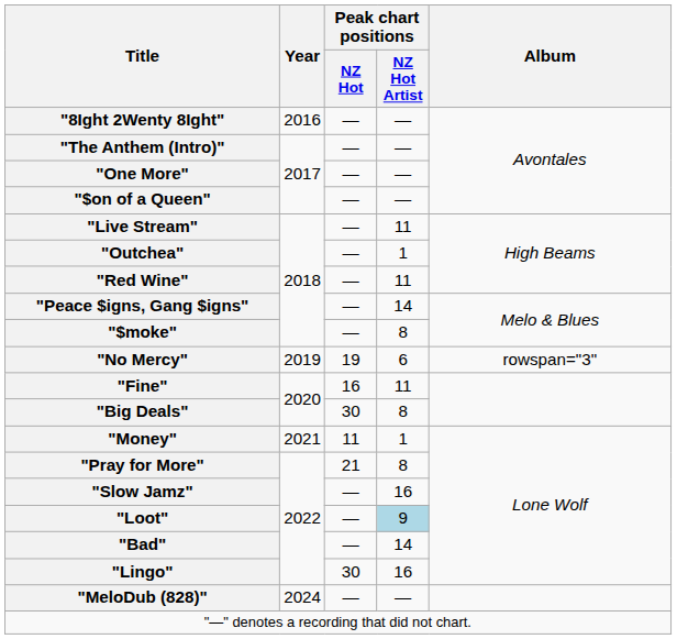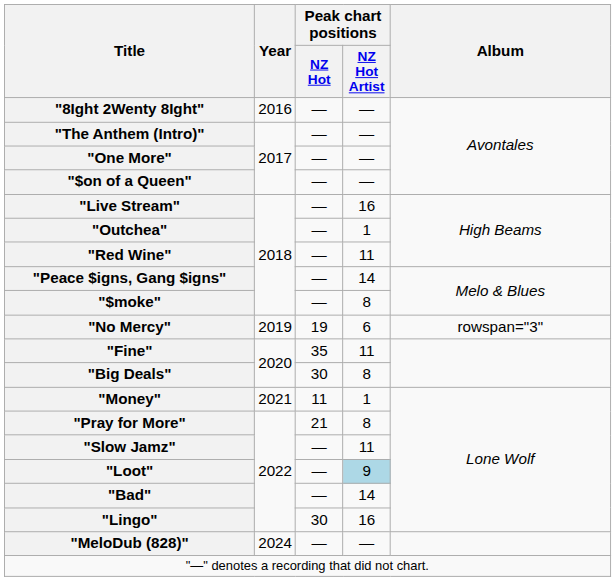 <table class="wikitable plainrowheaders" style="text-align:center;">
 <tr>
 <th scope="col" rowspan="2" style="width:16em;">Title</th>
 <th scope="col" rowspan="2" style="width:1em;">Year</th>
 <th scope="col" colspan="2">Peak chart positions</th>
 <th scope="col" rowspan="2" style="width:14em;">Album</th>
 </tr>
 <tr>
 <th scope="col" style="width:3em;font-size:90%;"><a href='#'>NZ<br>Hot</a><br></th>
 <th scope="col" style="width:3em;font-size:90%;"><a href='#'>NZ<br>Hot<br>Artist</a><br></th>
 </tr>
 <tr>
 <th scope="row">"8Ight 2Wenty 8Ight"</th>
 <td>2016</td>
 <td>—</td>
 <td>—</td>
 <td rowspan="4"><em>Avontales</em></td>
 </tr>
 <tr>
 <th scope="row">"The Anthem (Intro)"<br></th>
 <td rowspan="3">2017</td>
 <td>—</td>
 <td>—</td>
 </tr>
 <tr>
 <th scope="row">"One More"<br></th>
 <td>—</td>
 <td>—</td>
 </tr>
 <tr>
 <th scope="row">"$on of a Queen"</th>
 <td>—</td>
 <td>—</td>
 </tr>
 <tr>
 <th scope="row">"Live Stream"<br></th>
 <td rowspan="5">2018</td>
 <td>—</td>
-<td>11</td>
+<td>16</td>
 <td rowspan="3"><em>High Beams</em></td>
 </tr>
 <tr>
 <th scope="row">"Outchea"<br></th>
 <td>—</td>
 <td>1</td>
 </tr>
 <tr>
 <th scope="row">"Red Wine"<br></th>
 <td>—</td>
 <td>11</td>
 </tr>
 <tr>
 <th scope="row">"Peace $igns, Gang $igns"</th>
 <td>—</td>
 <td>14</td>
 <td rowspan="2"><em>Melo & Blues</em></td>
 </tr>
 <tr>
 <th scope="row">"$moke"<br></th>
 <td>—</td>
 <td>8</td>
 </tr>
 <tr>
 <th scope="row">"No Mercy"<br></th>
 <td>2019</td>
 <td>19</td>
 <td>6</td>
 <td>rowspan="3" </td>
 </tr>
 <tr>
 <th scope="row">"Fine"</th>
 <td rowspan="2">2020</td>
-<td>16</td>
+<td>35</td>
 <td>11</td>
 </tr>
 <tr>
 <th scope="row">"Big Deals"<br></th>
 <td>30</td>
 <td>8</td>
 </tr>
 <tr>
 <th scope="row">"Money"</th>
 <td>2021</td>
 <td>11</td>
 <td>1</td>
 <td rowspan="6"><em>Lone Wolf</em></td>
 </tr>
 <tr>
 <th scope="row">"Pray for More"<br></th>
 <td rowspan="5">2022</td>
 <td>21</td>
 <td>8</td>
 </tr>
 <tr>
 <th scope="row">"Slow Jamz"</th>
 <td>—</td>
-<td>16</td>
+<td>11</td>
 </tr>
 <tr>
 <th scope="row">"Loot"<br></th>
 <td>—</td>
 <td style="background: lightblue;">9</td>
 </tr>
 <tr>
 <th scope="row">"Bad"</th>
 <td>—</td>
 <td>14</td>
 </tr>
 <tr>
 <th scope="row">"Lingo"<br></th>
 <td>30</td>
 <td>16</td>
 </tr>
 <tr>
 <th scope="row">"MeloDub (828)"</th>
 <td>2024</td>
 <td>—</td>
 <td>—</td>
 </tr>
 <tr>
 <td colspan="8" style="font-size:85%;">"—" denotes a recording that did not chart.</td>
 </tr>
 </table>
